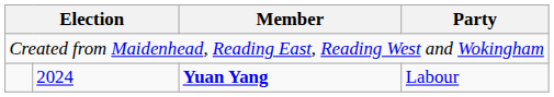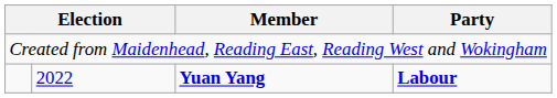 <table class="wikitable">
 <tr>
 <th colspan="2">Election</th>
 <th>Member</th>
 <th>Party</th>
 </tr>
 <tr>
 <td colspan="4"><em>Created from <a href='#'>Maidenhead</a>, <a href='#'>Reading East</a>, <a href='#'>Reading West</a> and <a href='#'>Wokingham</a></em></td>
 </tr>
 <tr>
 <td style="color:inherit;background-color: "></td>
-<td><a href='#'>2024</a></td>
+<td><a href='#'>2022</a></td>
 <td><strong><a href='#'>Yuan Yang</a></strong></td>
-<td><a href='#'>Labour</a></td>
+<td><strong><a href='#'>Labour</a></strong></td>
 </tr>
 </table>
